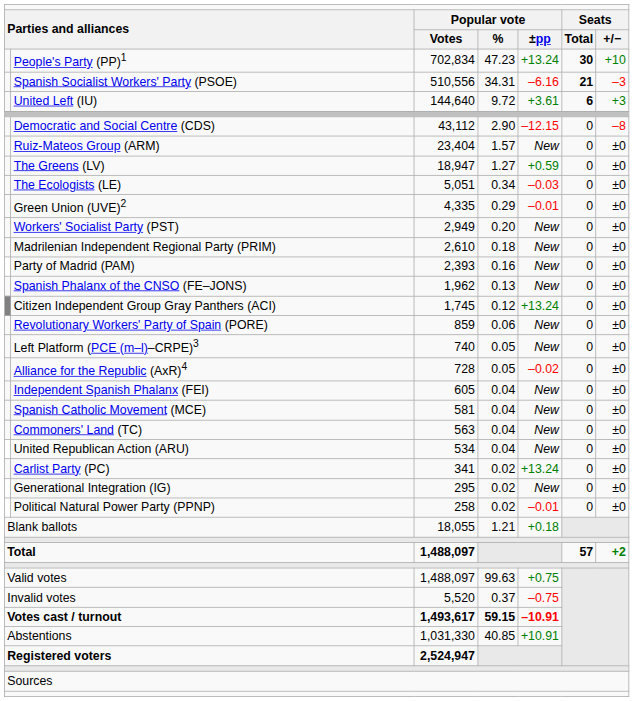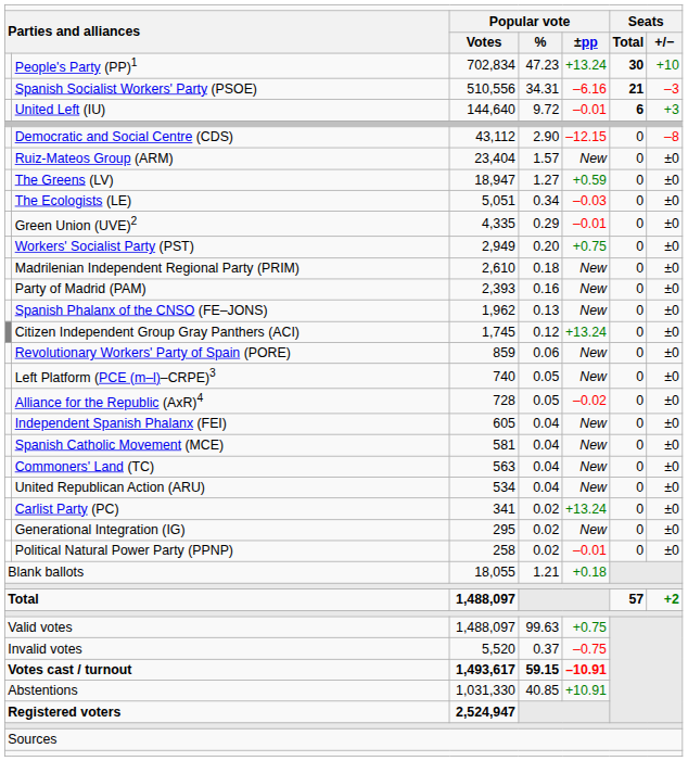 <table class="wikitable" style="text-align:right;">
 <tr>
 <td colspan="7"></td>
 </tr>
 <tr>
 <th style="text-align:left;" rowspan="2" colspan="2" width="525">Parties and alliances</th>
 <th colspan="3">Popular vote</th>
 <th colspan="2">Seats</th>
 </tr>
 <tr>
 <th width="75">Votes</th>
 <th width="45">%</th>
 <th width="45">±<a href='#'>pp</a></th>
 <th width="35">Total</th>
 <th width="35">+/−</th>
 </tr>
 <tr>
 <td width="1" style="color:inherit;background:"></td>
 <td align="left"><a href='#'>People's Party</a> (PP)<sup>1</sup></td>
 <td>702,834</td>
 <td>47.23</td>
 <td style="color:green;">+13.24</td>
 <td><strong>30</strong></td>
 <td style="color:green;">+10</td>
 </tr>
 <tr>
 <td style="color:inherit;background:"></td>
 <td align="left"><a href='#'>Spanish Socialist Workers' Party</a> (PSOE)</td>
 <td>510,556</td>
 <td>34.31</td>
 <td style="color:red;">–6.16</td>
 <td><strong>21</strong></td>
 <td style="color:red;">–3</td>
 </tr>
 <tr>
 <td style="color:inherit;background:"></td>
 <td align="left"><a href='#'>United Left</a> (IU)</td>
 <td>144,640</td>
 <td>9.72</td>
-<td style="color:green;">+3.61</td>
+<td style="color:red;">–0.01</td>
 <td><strong>6</strong></td>
 <td style="color:green;">+3</td>
 </tr>
 <tr>
 <td colspan="7" bgcolor="#C0C0C0"></td>
 </tr>
 <tr>
 <td style="color:inherit;background:"></td>
 <td align="left"><a href='#'>Democratic and Social Centre</a> (CDS)</td>
 <td>43,112</td>
 <td>2.90</td>
 <td style="color:red;">–12.15</td>
 <td>0</td>
 <td style="color:red;">–8</td>
 </tr>
 <tr>
 <td style="color:inherit;background:"></td>
 <td align="left"><a href='#'>Ruiz-Mateos Group</a> (ARM)</td>
 <td>23,404</td>
 <td>1.57</td>
 <td><em>New</em></td>
 <td>0</td>
 <td>±0</td>
 </tr>
 <tr>
 <td style="color:inherit;background:"></td>
 <td align="left"><a href='#'>The Greens</a> (LV)</td>
 <td>18,947</td>
 <td>1.27</td>
 <td style="color:green;">+0.59</td>
 <td>0</td>
 <td>±0</td>
 </tr>
 <tr>
 <td style="color:inherit;background:"></td>
 <td align="left"><a href='#'>The Ecologists</a> (LE)</td>
 <td>5,051</td>
 <td>0.34</td>
 <td style="color:red;">–0.03</td>
 <td>0</td>
 <td>±0</td>
 </tr>
 <tr>
 <td style="color:inherit;background:"></td>
 <td align="left">Green Union (UVE)<sup>2</sup></td>
 <td>4,335</td>
 <td>0.29</td>
 <td style="color:red;">–0.01</td>
 <td>0</td>
 <td>±0</td>
 </tr>
 <tr>
 <td style="color:inherit;background:"></td>
 <td align="left"><a href='#'>Workers' Socialist Party</a> (PST)</td>
 <td>2,949</td>
 <td>0.20</td>
-<td><em>New</em></td>
+<td style="color:green;">+0.75</td>
 <td>0</td>
 <td>±0</td>
 </tr>
 <tr>
 <td style="color:inherit;background:"></td>
 <td align="left">Madrilenian Independent Regional Party (PRIM)</td>
 <td>2,610</td>
 <td>0.18</td>
 <td><em>New</em></td>
 <td>0</td>
 <td>±0</td>
 </tr>
 <tr>
 <td bgcolor="white"></td>
 <td align="left">Party of Madrid (PAM)</td>
 <td>2,393</td>
 <td>0.16</td>
 <td><em>New</em></td>
 <td>0</td>
 <td>±0</td>
 </tr>
 <tr>
 <td style="color:inherit;background:"></td>
 <td align="left"><a href='#'>Spanish Phalanx of the CNSO</a> (FE–JONS)</td>
 <td>1,962</td>
 <td>0.13</td>
 <td><em>New</em></td>
 <td>0</td>
 <td>±0</td>
 </tr>
 <tr>
 <td bgcolor="gray"></td>
 <td align="left">Citizen Independent Group Gray Panthers (ACI)</td>
 <td>1,745</td>
 <td>0.12</td>
 <td style="color:green;">+13.24</td>
 <td>0</td>
 <td>±0</td>
 </tr>
 <tr>
 <td style="color:inherit;background:"></td>
 <td align="left"><a href='#'>Revolutionary Workers' Party of Spain</a> (PORE)</td>
 <td>859</td>
 <td>0.06</td>
 <td><em>New</em></td>
 <td>0</td>
 <td>±0</td>
 </tr>
 <tr>
 <td style="color:inherit;background:"></td>
 <td align="left">Left Platform (<a href='#'>PCE (m–l)</a>–CRPE)<sup>3</sup></td>
 <td>740</td>
 <td>0.05</td>
 <td><em>New</em></td>
 <td>0</td>
 <td>±0</td>
 </tr>
 <tr>
 <td style="color:inherit;background:"></td>
 <td align="left"><a href='#'>Alliance for the Republic</a> (AxR)<sup>4</sup></td>
 <td>728</td>
 <td>0.05</td>
 <td style="color:red;">–0.02</td>
 <td>0</td>
 <td>±0</td>
 </tr>
 <tr>
 <td style="color:inherit;background:"></td>
 <td align="left"><a href='#'>Independent Spanish Phalanx</a> (FEI)</td>
 <td>605</td>
 <td>0.04</td>
 <td><em>New</em></td>
 <td>0</td>
 <td>±0</td>
 </tr>
 <tr>
 <td style="color:inherit;background:"></td>
 <td align="left"><a href='#'>Spanish Catholic Movement</a> (MCE)</td>
 <td>581</td>
 <td>0.04</td>
 <td><em>New</em></td>
 <td>0</td>
 <td>±0</td>
 </tr>
 <tr>
 <td style="color:inherit;background:"></td>
 <td align="left"><a href='#'>Commoners' Land</a> (TC)</td>
 <td>563</td>
 <td>0.04</td>
 <td><em>New</em></td>
 <td>0</td>
 <td>±0</td>
 </tr>
 <tr>
 <td bgcolor="white"></td>
 <td align="left">United Republican Action (ARU)</td>
 <td>534</td>
 <td>0.04</td>
 <td><em>New</em></td>
 <td>0</td>
 <td>±0</td>
 </tr>
 <tr>
 <td style="color:inherit;background:"></td>
 <td align="left"><a href='#'>Carlist Party</a> (PC)</td>
 <td>341</td>
 <td>0.02</td>
 <td style="color:green;">+13.24</td>
 <td>0</td>
 <td>±0</td>
 </tr>
 <tr>
 <td bgcolor="white"></td>
 <td align="left">Generational Integration (IG)</td>
 <td>295</td>
 <td>0.02</td>
 <td><em>New</em></td>
 <td>0</td>
 <td>±0</td>
 </tr>
 <tr>
 <td bgcolor="white"></td>
 <td align="left">Political Natural Power Party (PPNP)</td>
 <td>258</td>
 <td>0.02</td>
 <td style="color:red;">–0.01</td>
 <td>0</td>
 <td>±0</td>
 </tr>
 <tr>
 <td align="left" colspan="2">Blank ballots</td>
 <td>18,055</td>
 <td>1.21</td>
 <td style="color:green;">+0.18</td>
 <td bgcolor="#E9E9E9" colspan="2"></td>
 </tr>
 <tr>
 <td colspan="7" bgcolor="#E9E9E9"></td>
 </tr>
 <tr style="font-weight:bold;">
 <td align="left" colspan="2">Total</td>
 <td>1,488,097</td>
 <td bgcolor="#E9E9E9" colspan="2"></td>
 <td>57</td>
 <td style="color:green;">+2</td>
 </tr>
 <tr>
 <td colspan="7" bgcolor="#E9E9E9"></td>
 </tr>
 <tr>
 <td align="left" colspan="2">Valid votes</td>
 <td>1,488,097</td>
 <td>99.63</td>
 <td style="color:green;">+0.75</td>
 <td bgcolor="#E9E9E9" colspan="2" rowspan="5"></td>
 </tr>
 <tr>
 <td align="left" colspan="2">Invalid votes</td>
 <td>5,520</td>
 <td>0.37</td>
 <td style="color:red;">–0.75</td>
 </tr>
 <tr style="font-weight:bold;">
 <td align="left" colspan="2">Votes cast / turnout</td>
 <td>1,493,617</td>
 <td>59.15</td>
 <td style="color:red;">–10.91</td>
 </tr>
 <tr>
 <td align="left" colspan="2">Abstentions</td>
 <td>1,031,330</td>
 <td>40.85</td>
 <td style="color:green;">+10.91</td>
 </tr>
 <tr style="font-weight:bold;">
 <td align="left" colspan="2">Registered voters</td>
 <td>2,524,947</td>
 <td bgcolor="#E9E9E9" colspan="2"></td>
 </tr>
 <tr>
 <td colspan="7" bgcolor="#E9E9E9"></td>
 </tr>
 <tr>
 <td align="left" colspan="7">Sources</td>
 </tr>
 <tr>
 <td colspan="7" style="text-align:left; max-width:790px;"></td>
 </tr>
 </table>
